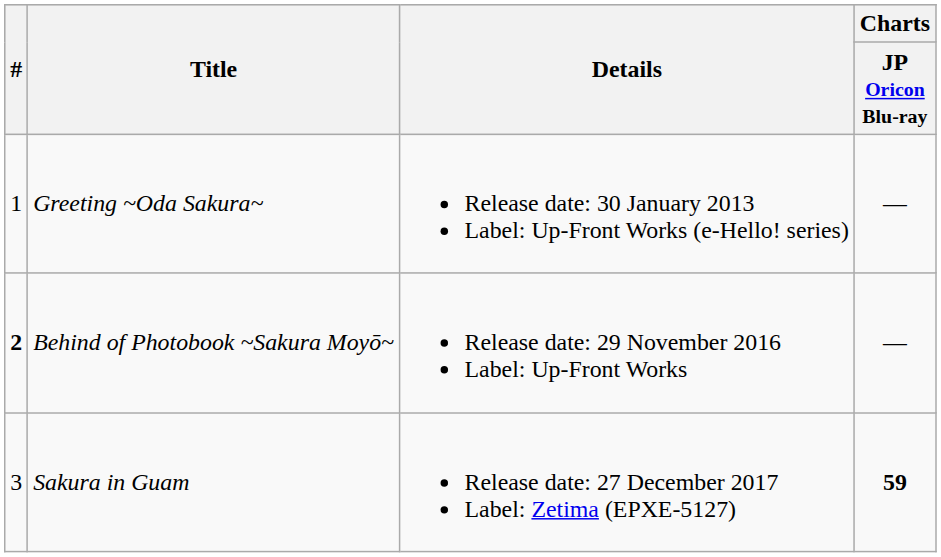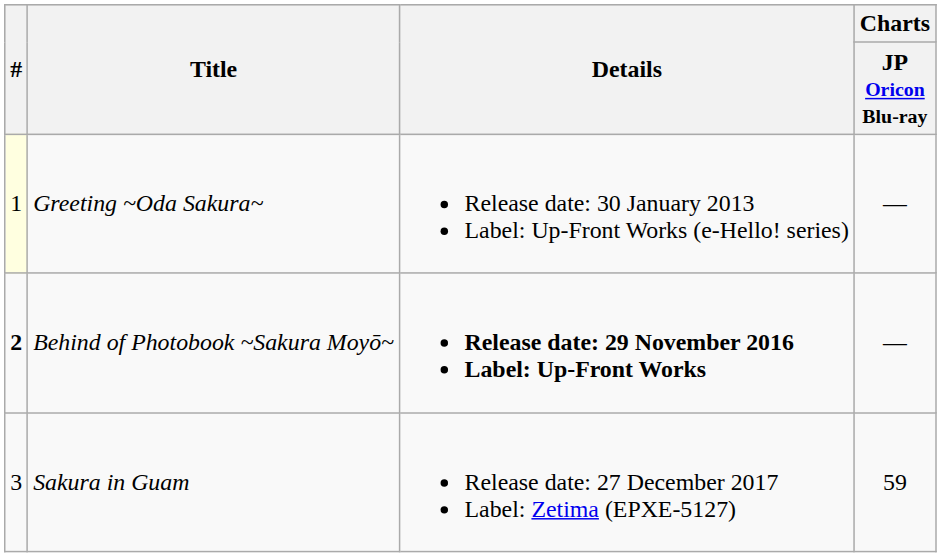 <table class="wikitable" style="text-align:center">
 <tr bgcolor="#CCCCCC">
 <th rowspan="2">#</th>
 <th rowspan="2">Title</th>
 <th rowspan="2">Details</th>
 <th colspan="1">Charts</th>
 </tr>
 <tr>
 <th width="35">JP<br><small><a href='#'>Oricon</a><br>Blu-ray</small><br></th>
 </tr>
 <tr>
-<td>1</td>
+<td style="background: lightyellow;">1</td>
 <td align="left"><em>Greeting ~Oda Sakura~</em></td>
 <td align="left"><br><ul><li>Release date: 30 January 2013</li><li>Label: Up-Front Works (e-Hello! series)</li></ul></td>
 <td align="center">—</td>
 </tr>
 <tr>
 <td><strong>2</strong></td>
 <td align="left"><em>Behind of Photobook ~Sakura Moyō~</em></td>
-<td align="left"><br><ul><li>Release date: 29 November 2016</li><li>Label: Up-Front Works</li></ul></td>
+<td align="left"><strong><br><ul><li>Release date: 29 November 2016</li><li>Label: Up-Front Works</li></ul></strong></td>
 <td align="center">—</td>
 </tr>
 <tr>
 <td>3</td>
 <td align="left"><em>Sakura in Guam</em></td>
 <td align="left"><br><ul><li>Release date: 27 December 2017</li><li>Label: <a href='#'>Zetima</a> (EPXE-5127)</li></ul></td>
-<td align="center"><strong>59</strong></td>
+<td align="center">59</td>
 </tr>
 </table>
